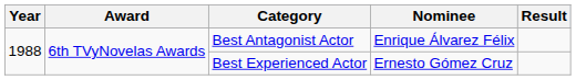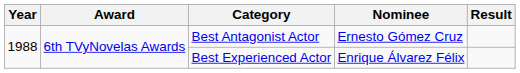 <table class="wikitable">
 <tr style="background:#b0c4de;">
 <th>Year</th>
 <th>Award</th>
 <th>Category</th>
 <th>Nominee</th>
 <th>Result</th>
 </tr>
 <tr>
 <td rowspan=2>1988</td>
 <td rowspan=2><a href='#'>6th TVyNovelas Awards</a></td>
 <td><a href='#'>Best Antagonist Actor</a></td>
-<td><a href='#'>Enrique Álvarez Félix</a></td>
+<td><a href='#'>Ernesto Gómez Cruz</a></td>
 <td></td>
 </tr>
 <tr>
 <td><a href='#'>Best Experienced Actor</a></td>
-<td><a href='#'>Ernesto Gómez Cruz</a></td>
+<td><a href='#'>Enrique Álvarez Félix</a></td>
 <td></td>
 </tr>
 </table>
